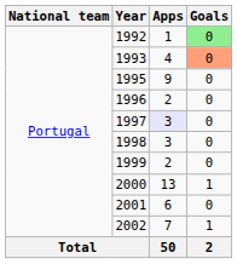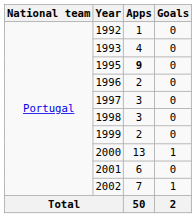 <table class="wikitable" style="text-align: center;">
 <tr>
 <th>National team</th>
 <th>Year</th>
 <th>Apps</th>
 <th>Goals</th>
 </tr>
 <tr>
 <td rowspan="10" valign="center"><a href='#'>Portugal</a></td>
 <td>1992</td>
 <td>1</td>
-<td style="background: lightgreen;">0</td>
+<td>0</td>
 </tr>
 <tr>
 <td>1993</td>
 <td>4</td>
-<td style="background: lightsalmon;">0</td>
+<td>0</td>
 </tr>
 <tr>
 <td>1995</td>
-<td>9</td>
+<td><strong>9</strong></td>
 <td>0</td>
 </tr>
 <tr>
 <td>1996</td>
 <td>2</td>
 <td>0</td>
 </tr>
 <tr>
 <td>1997</td>
-<td style="background: lavender;">3</td>
+<td>3</td>
 <td>0</td>
 </tr>
 <tr>
 <td>1998</td>
 <td>3</td>
 <td>0</td>
 </tr>
 <tr>
 <td>1999</td>
 <td>2</td>
 <td>0</td>
 </tr>
 <tr>
 <td>2000</td>
 <td>13</td>
 <td>1</td>
 </tr>
 <tr>
 <td>2001</td>
 <td>6</td>
 <td>0</td>
 </tr>
 <tr>
 <td>2002</td>
 <td>7</td>
 <td>1</td>
 </tr>
 <tr>
 <th colspan="2">Total</th>
 <th>50</th>
 <th>2</th>
 </tr>
 </table>
